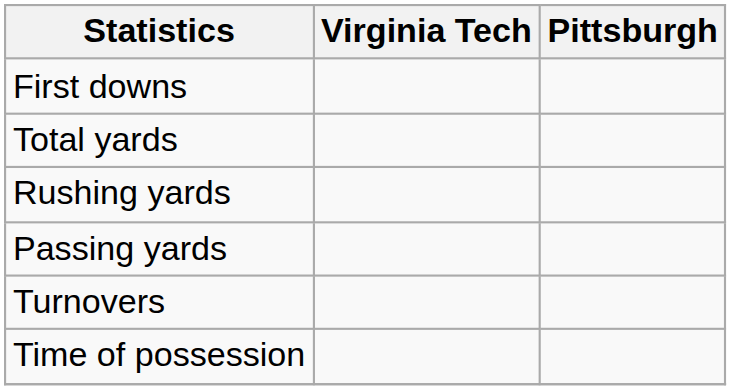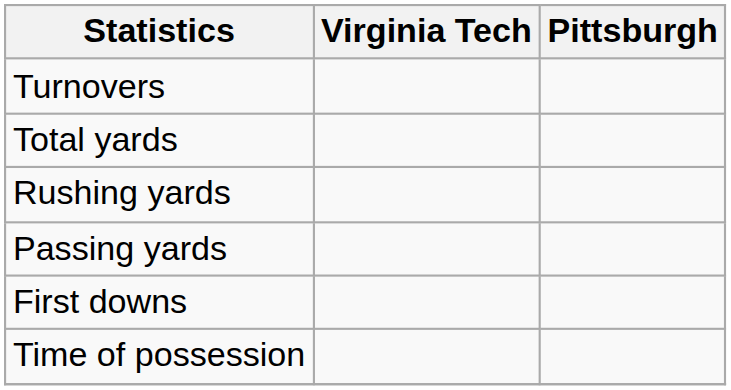 <table class="wikitable">
 <tr>
 <th>Statistics</th>
 <th>Virginia Tech</th>
 <th>Pittsburgh</th>
 </tr>
 <tr>
-<td>First downs</td>
+<td>Turnovers</td>
 <td> </td>
 <td> </td>
 </tr>
 <tr>
 <td>Total yards</td>
 <td> </td>
 <td> </td>
 </tr>
 <tr>
 <td>Rushing yards</td>
 <td> </td>
 <td> </td>
 </tr>
 <tr>
 <td>Passing yards</td>
 <td> </td>
 <td> </td>
 </tr>
 <tr>
-<td>Turnovers</td>
+<td>First downs</td>
 <td> </td>
 <td> </td>
 </tr>
 <tr>
 <td>Time of possession</td>
 <td> </td>
 <td> </td>
 </tr>
 <tr>
 </tr>
 </table>
